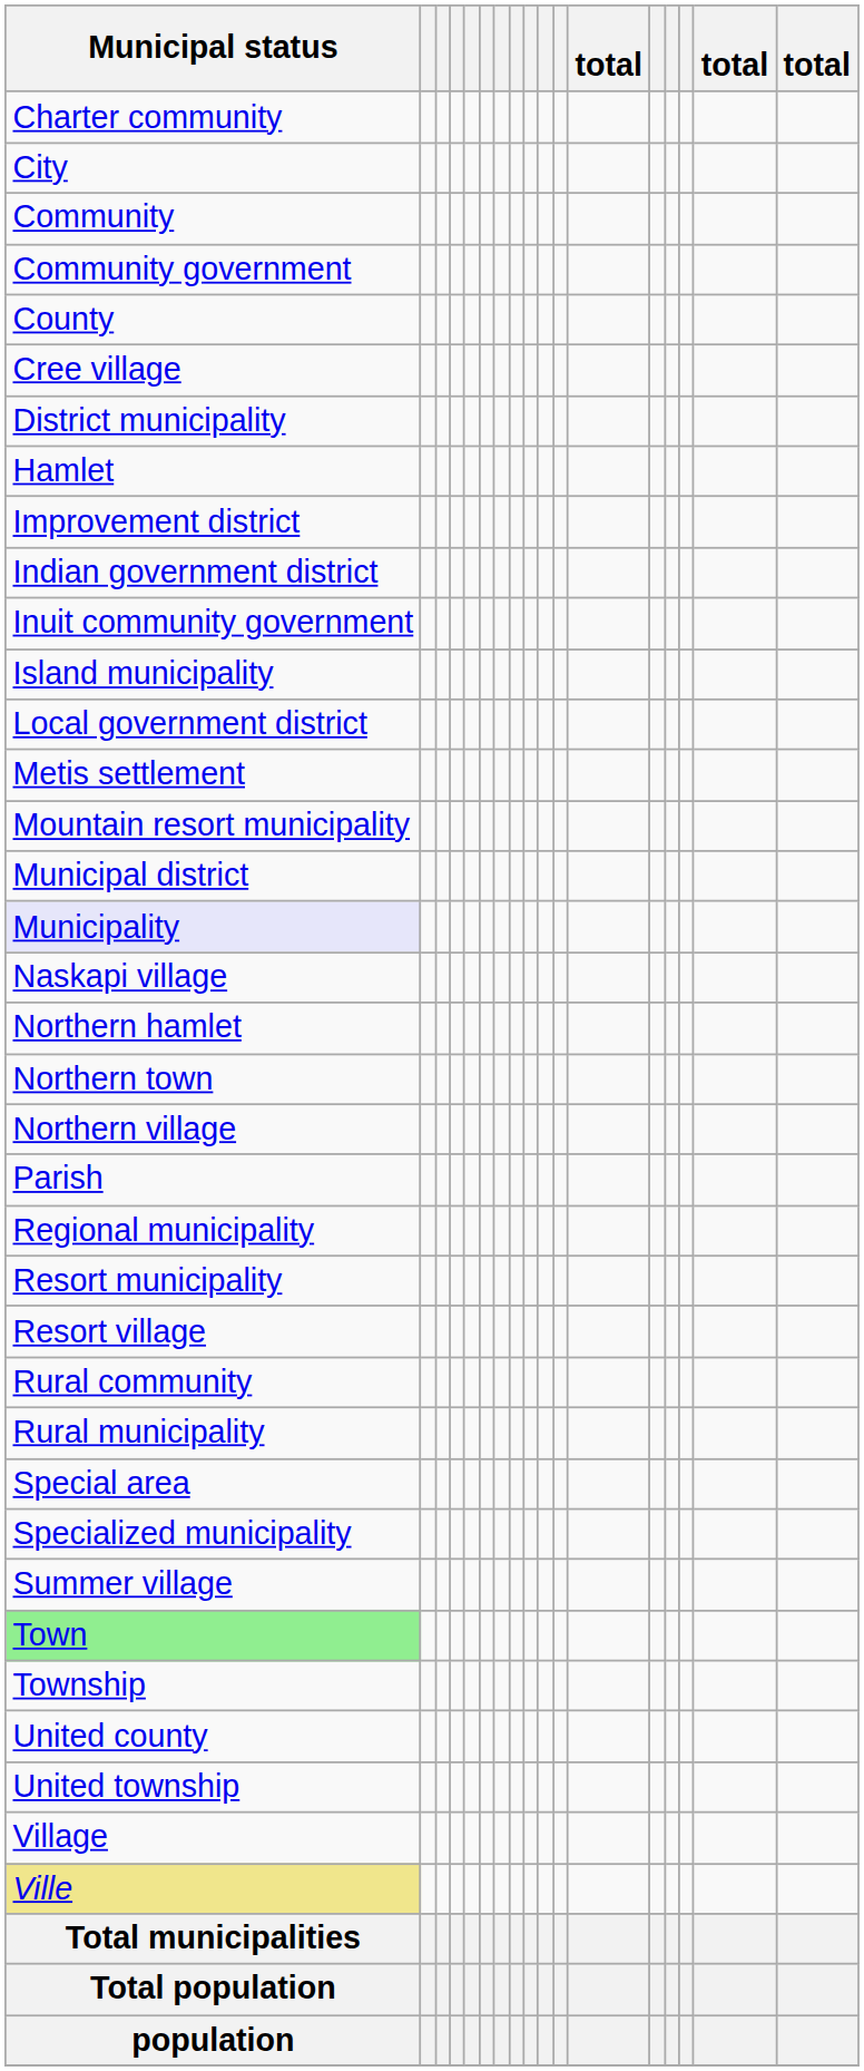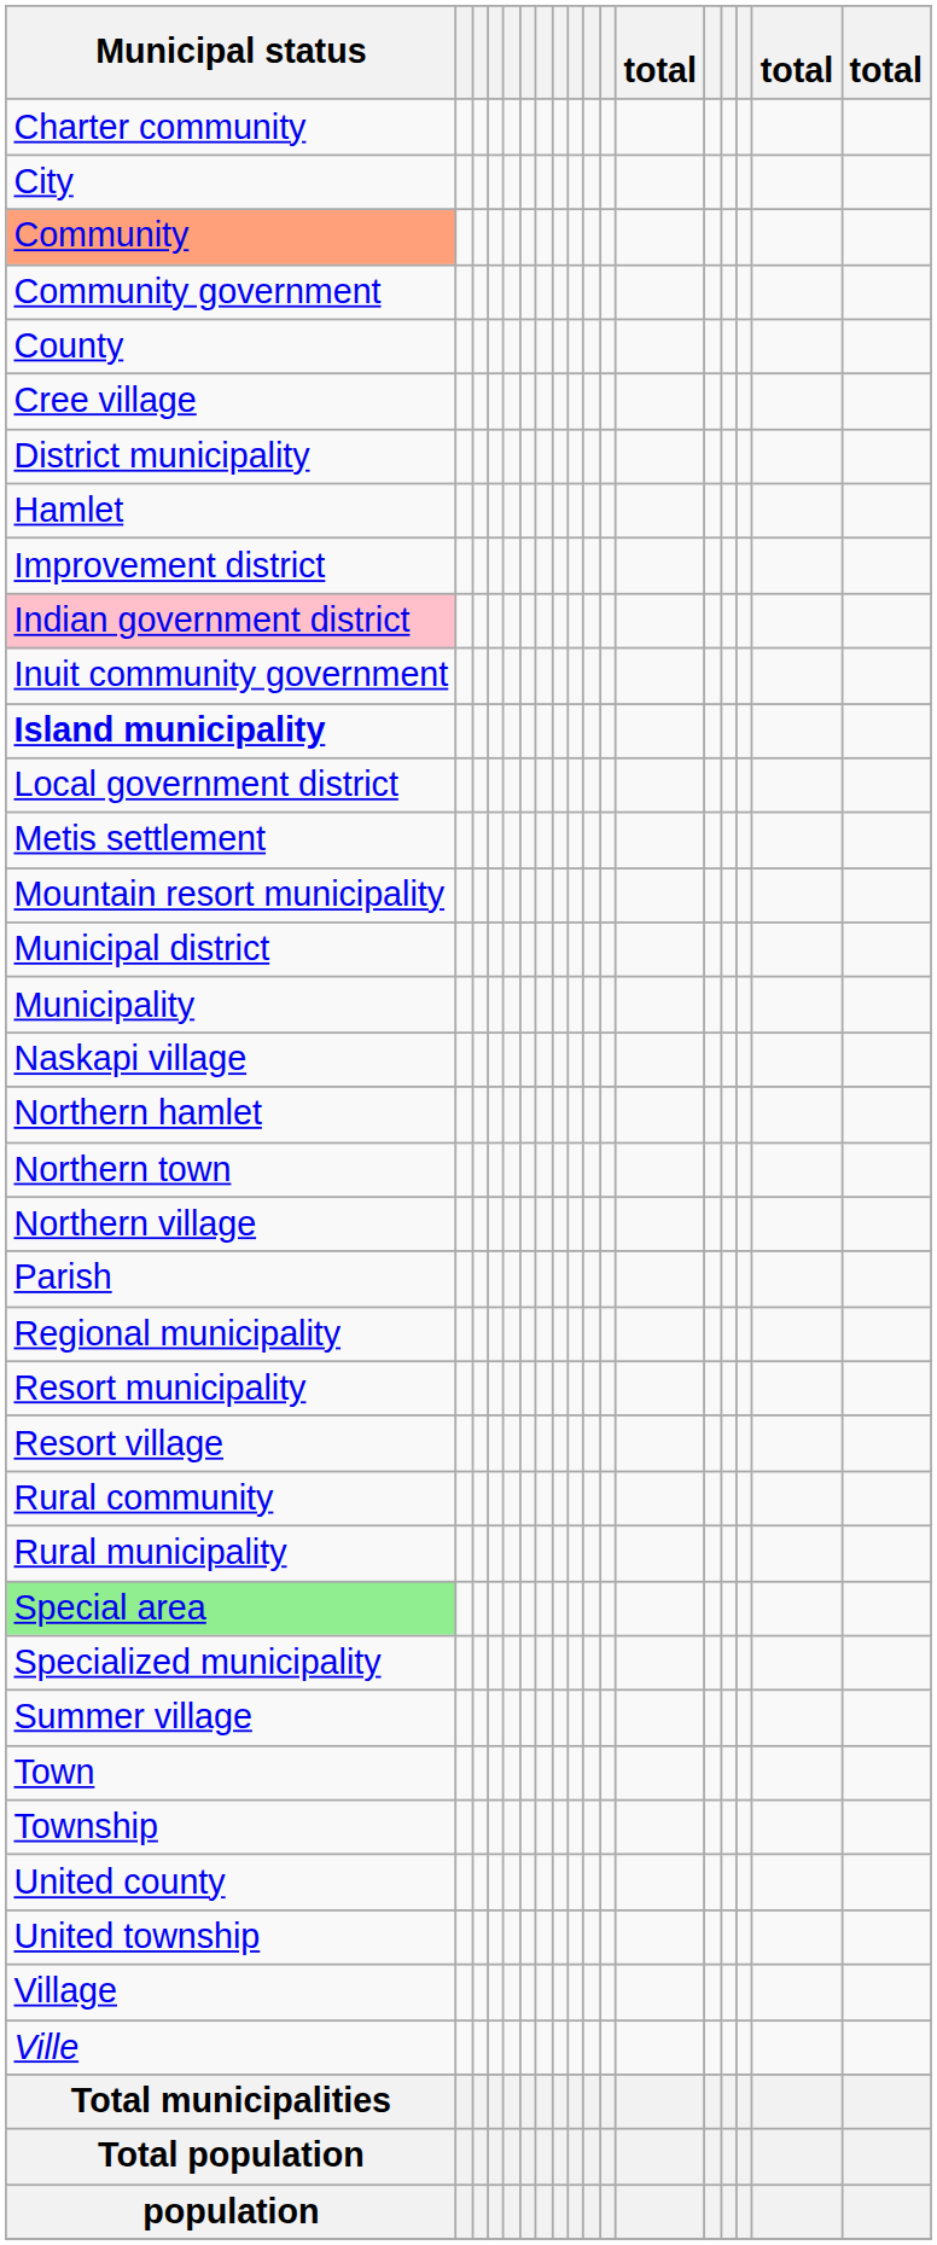 <table class="wikitable sortable">
 <tr>
 <th scope="col">Municipal status</th>
 <th scope="col"><br></th>
 <th scope="col"><br></th>
 <th scope="col"><br></th>
 <th scope="col"><br></th>
 <th scope="col"><br></th>
 <th scope="col"><br></th>
 <th scope="col"><br></th>
 <th scope="col"><br></th>
 <th scope="col"><br></th>
 <th scope="col"><br></th>
 <th scope="col"><br>total</th>
 <th scope="col"><br></th>
 <th scope="col"><br></th>
 <th scope="col"><br></th>
 <th scope="col"><br>total</th>
 <th scope="col"><br>total</th>
 </tr>
 <tr>
 <td scope="row"><a href='#'>Charter community</a></td>
 <td align=center></td>
 <td align=center></td>
 <td align=center></td>
 <td align=center></td>
 <td align=center></td>
 <td align=center></td>
 <td align=center></td>
 <td align=center></td>
 <td align=center></td>
 <td align=center></td>
 <td align=center></td>
 <td align=center><a href='#'></a></td>
 <td align=center></td>
 <td align=center></td>
 <td align=center><strong></strong></td>
 <td align=center><strong></strong></td>
 </tr>
 <tr>
 <td scope="row"><a href='#'>City</a></td>
 <td align=center><a href='#'></a></td>
 <td align=center><a href='#'></a></td>
 <td align=center><a href='#'></a></td>
 <td align=center><a href='#'></a></td>
 <td align=center><a href='#'></a></td>
 <td align=center></td>
 <td align=center><a href='#'></a></td>
 <td align=center><a href='#'></a></td>
 <td align=center></td>
 <td align=center><a href='#'></a></td>
 <td align=center><strong></strong></td>
 <td align=center><a href='#'></a></td>
 <td align=center><a href='#'></a></td>
 <td align=center><a href='#'></a></td>
 <td align=center><strong></strong></td>
 <td align=center><strong><a href='#'></a></strong></td>
 </tr>
 <tr>
-<td scope="row"><a href='#'>Community</a></td>
+<td scope="row" style="background: lightsalmon;"><a href='#'>Community</a></td>
 <td align=center></td>
 <td align=center></td>
 <td align=center></td>
 <td align=center></td>
 <td align=center></td>
 <td align=center></td>
 <td align=center></td>
 <td align=center><a href='#'></a></td>
 <td align=center></td>
 <td align=center></td>
 <td align=center><strong></strong></td>
 <td align=center></td>
 <td align=center></td>
 <td align=center></td>
 <td align=center></td>
 <td align=center><strong></strong></td>
 </tr>
 <tr>
 <td scope="row"><a href='#'>Community government</a></td>
 <td align=center></td>
 <td align=center></td>
 <td align=center></td>
 <td align=center></td>
 <td align=center></td>
 <td align=center></td>
 <td align=center></td>
 <td align=center></td>
 <td align=center></td>
 <td align=center></td>
 <td align=center></td>
 <td align=center><a href='#'></a></td>
 <td align=center></td>
 <td align=center></td>
 <td align=center><strong></strong></td>
 <td align=center><strong></strong></td>
 </tr>
 <tr>
 <td scope="row"><a href='#'>County</a></td>
 <td align=center></td>
 <td align=center></td>
 <td align=center></td>
 <td align=center></td>
 <td align=center></td>
 <td align=center><a href='#'></a></td>
 <td align=center><a href='#'></a></td>
 <td align=center></td>
 <td align=center></td>
 <td align=center></td>
 <td align=center><strong></strong></td>
 <td align=center></td>
 <td align=center></td>
 <td align=center></td>
 <td align=center></td>
 <td align=center><strong></strong></td>
 </tr>
 <tr>
 <td scope="row"><a href='#'>Cree village</a></td>
 <td align=center></td>
 <td align=center></td>
 <td align=center></td>
 <td align=center></td>
 <td align=center></td>
 <td align=center></td>
 <td align=center></td>
 <td align=center></td>
 <td align=center></td>
 <td align=center></td>
 <td align=center><strong></strong></td>
 <td align=center></td>
 <td align=center></td>
 <td align=center></td>
 <td align=center></td>
 <td align=center><strong></strong></td>
 </tr>
 <tr>
 <td scope="row"><a href='#'>District municipality</a></td>
 <td align=center></td>
 <td align=center><a href='#'></a></td>
 <td align=center></td>
 <td align=center></td>
 <td align=center></td>
 <td align=center></td>
 <td align=center></td>
 <td align=center></td>
 <td align=center></td>
 <td align=center></td>
 <td align=center><strong></strong></td>
 <td align=center></td>
 <td align=center></td>
 <td align=center></td>
 <td align=center></td>
 <td align=center><strong></strong></td>
 </tr>
 <tr>
 <td scope="row"><a href='#'>Hamlet</a></td>
 <td align=center></td>
 <td align=center></td>
 <td align=center></td>
 <td align=center></td>
 <td align=center></td>
 <td align=center></td>
 <td align=center></td>
 <td align=center></td>
 <td align=center></td>
 <td align=center></td>
 <td align=center></td>
 <td align=center><a href='#'></a></td>
 <td align=center><a href='#'></a></td>
 <td align=center></td>
 <td align=center><strong></strong></td>
 <td align=center><strong></strong></td>
 </tr>
 <tr>
 <td scope="row"><a href='#'>Improvement district</a></td>
 <td align=center><a href='#'></a></td>
 <td align=center></td>
 <td align=center></td>
 <td align=center></td>
 <td align=center></td>
 <td align=center></td>
 <td align=center></td>
 <td align=center></td>
 <td align=center></td>
 <td align=center></td>
 <td align=center><strong></strong></td>
 <td align=center></td>
 <td align=center></td>
 <td align=center></td>
 <td align=center></td>
 <td align=center><strong></strong></td>
 </tr>
 <tr>
-<td scope="row"><a href='#'>Indian government district</a></td>
+<td scope="row" style="background: pink;"><a href='#'>Indian government district</a></td>
 <td align=center></td>
 <td align=center><a href='#'></a></td>
 <td align=center></td>
 <td align=center></td>
 <td align=center></td>
 <td align=center></td>
 <td align=center></td>
 <td align=center></td>
 <td align=center></td>
 <td align=center></td>
 <td align=center><strong></strong></td>
 <td align=center></td>
 <td align=center></td>
 <td align=center></td>
 <td align=center></td>
 <td align=center><strong></strong></td>
 </tr>
 <tr>
 <td scope="row"><a href='#'>Inuit community government</a></td>
 <td align=center></td>
 <td align=center></td>
 <td align=center></td>
 <td align=center></td>
 <td align=center></td>
 <td align=center></td>
 <td align=center></td>
 <td align=center></td>
 <td align=center></td>
 <td align=center></td>
 <td align=center><strong></strong></td>
 <td align=center></td>
 <td align=center></td>
 <td align=center></td>
 <td align=center></td>
 <td align=center><strong></strong></td>
 </tr>
 <tr>
-<td scope="row"><a href='#'>Island municipality</a></td>
+<td scope="row"><strong><a href='#'>Island municipality</a></strong></td>
 <td align=center></td>
 <td align=center><a href='#'></a></td>
 <td align=center></td>
 <td align=center></td>
 <td align=center></td>
 <td align=center></td>
 <td align=center></td>
 <td align=center></td>
 <td align=center></td>
 <td align=center></td>
 <td align=center><strong></strong></td>
 <td align=center></td>
 <td align=center></td>
 <td align=center></td>
 <td align=center></td>
 <td align=center><strong></strong></td>
 </tr>
 <tr>
 <td scope="row"><a href='#'>Local government district</a></td>
 <td align=center></td>
 <td align=center></td>
 <td align=center><a href='#'></a></td>
 <td align=center></td>
 <td align=center></td>
 <td align=center></td>
 <td align=center></td>
 <td align=center></td>
 <td align=center></td>
 <td align=center></td>
 <td align=center><strong></strong></td>
 <td align=center></td>
 <td align=center></td>
 <td align=center></td>
 <td align=center></td>
 <td align=center><strong></strong></td>
 </tr>
 <tr>
 <td scope="row"><a href='#'>Metis settlement</a></td>
 <td align=center><a href='#'></a></td>
 <td align=center></td>
 <td align=center></td>
 <td align=center></td>
 <td align=center></td>
 <td align=center></td>
 <td align=center></td>
 <td align=center></td>
 <td align=center></td>
 <td align=center></td>
 <td align=center><strong></strong></td>
 <td align=center></td>
 <td align=center></td>
 <td align=center></td>
 <td align=center></td>
 <td align=center><strong></strong></td>
 </tr>
 <tr>
 <td scope="row"><a href='#'>Mountain resort municipality</a></td>
 <td align=center></td>
 <td align=center><a href='#'></a></td>
 <td align=center></td>
 <td align=center></td>
 <td align=center></td>
 <td align=center></td>
 <td align=center></td>
 <td align=center></td>
 <td align=center></td>
 <td align=center></td>
 <td align=center><strong></strong></td>
 <td align=center></td>
 <td align=center></td>
 <td align=center></td>
 <td align=center></td>
 <td align=center><strong></strong></td>
 </tr>
 <tr>
 <td scope="row"><a href='#'>Municipal district</a></td>
 <td align=center><a href='#'></a></td>
 <td align=center></td>
 <td align=center></td>
 <td align=center></td>
 <td align=center></td>
 <td align=center></td>
 <td align=center></td>
 <td align=center></td>
 <td align=center></td>
 <td align=center></td>
 <td align=center><strong></strong></td>
 <td align=center></td>
 <td align=center></td>
 <td align=center></td>
 <td align=center></td>
 <td align=center><strong></strong></td>
 </tr>
 <tr>
-<td scope="row" style="background: lavender;"><a href='#'>Municipality</a></td>
+<td scope="row"><a href='#'>Municipality</a></td>
 <td align=center></td>
 <td align=center></td>
 <td align=center></td>
 <td align=center></td>
 <td align=center></td>
 <td align=center></td>
 <td align=center></td>
 <td align=center></td>
 <td align=center></td>
 <td align=center></td>
 <td align=center><strong></strong></td>
 <td align=center></td>
 <td align=center></td>
 <td align=center></td>
 <td align=center></td>
 <td align=center><strong></strong></td>
 </tr>
 <tr>
 <td scope="row"><a href='#'>Naskapi village</a></td>
 <td align=center></td>
 <td align=center></td>
 <td align=center></td>
 <td align=center></td>
 <td align=center></td>
 <td align=center></td>
 <td align=center></td>
 <td align=center></td>
 <td align=center></td>
 <td align=center></td>
 <td align=center><strong></strong></td>
 <td align=center></td>
 <td align=center></td>
 <td align=center></td>
 <td align=center></td>
 <td align=center><strong></strong></td>
 </tr>
 <tr>
 <td scope="row"><a href='#'>Northern hamlet</a></td>
 <td align=center></td>
 <td align=center></td>
 <td align=center></td>
 <td align=center></td>
 <td align=center></td>
 <td align=center></td>
 <td align=center></td>
 <td align=center></td>
 <td align=center></td>
 <td align=center><a href='#'></a></td>
 <td align=center><strong></strong></td>
 <td align=center></td>
 <td align=center></td>
 <td align=center></td>
 <td align=center></td>
 <td align=center><strong></strong></td>
 </tr>
 <tr>
 <td scope="row"><a href='#'>Northern town</a></td>
 <td align=center></td>
 <td align=center></td>
 <td align=center></td>
 <td align=center></td>
 <td align=center></td>
 <td align=center></td>
 <td align=center></td>
 <td align=center></td>
 <td align=center></td>
 <td align=center><a href='#'></a></td>
 <td align=center><strong></strong></td>
 <td align=center></td>
 <td align=center></td>
 <td align=center></td>
 <td align=center></td>
 <td align=center><strong></strong></td>
 </tr>
 <tr>
 <td scope="row"><a href='#'>Northern village</a></td>
 <td align=center></td>
 <td align=center></td>
 <td align=center></td>
 <td align=center></td>
 <td align=center></td>
 <td align=center></td>
 <td align=center></td>
 <td align=center></td>
 <td align=center><a href='#'></a></td>
 <td align=center><a href='#'></a></td>
 <td align=center><strong></strong></td>
 <td align=center></td>
 <td align=center></td>
 <td align=center></td>
 <td align=center></td>
 <td align=center><strong></strong></td>
 </tr>
 <tr>
 <td scope="row"><a href='#'>Parish</a></td>
 <td align=center></td>
 <td align=center></td>
 <td align=center></td>
 <td align=center></td>
 <td align=center></td>
 <td align=center></td>
 <td align=center></td>
 <td align=center></td>
 <td align=center><a href='#'></a></td>
 <td align=center></td>
 <td align=center><strong></strong></td>
 <td align=center></td>
 <td align=center></td>
 <td align=center></td>
 <td align=center></td>
 <td align=center><strong></strong></td>
 </tr>
 <tr>
 <td scope="row"><a href='#'>Regional municipality</a></td>
 <td align=center></td>
 <td align=center></td>
 <td align=center></td>
 <td align=center><a href='#'></a></td>
 <td align=center></td>
 <td align=center><a href='#'></a></td>
 <td align=center><a href='#'></a></td>
 <td align=center></td>
 <td align=center></td>
 <td align=center></td>
 <td align=center><strong></strong></td>
 <td align=center></td>
 <td align=center></td>
 <td align=center></td>
 <td align=center></td>
 <td align=center><strong></strong></td>
 </tr>
 <tr>
 <td scope="row"><a href='#'>Resort municipality</a></td>
 <td align=center></td>
 <td align=center><a href='#'></a></td>
 <td align=center></td>
 <td align=center></td>
 <td align=center></td>
 <td align=center></td>
 <td align=center></td>
 <td align=center></td>
 <td align=center></td>
 <td align=center></td>
 <td align=center><strong></strong></td>
 <td align=center></td>
 <td align=center></td>
 <td align=center></td>
 <td align=center></td>
 <td align=center><strong></strong></td>
 </tr>
 <tr>
 <td scope="row"><a href='#'>Resort village</a></td>
 <td align=center></td>
 <td align=center></td>
 <td align=center></td>
 <td align=center></td>
 <td align=center></td>
 <td align=center></td>
 <td align=center></td>
 <td align=center></td>
 <td align=center></td>
 <td align=center><a href='#'></a></td>
 <td align=center><strong></strong></td>
 <td align=center></td>
 <td align=center></td>
 <td align=center></td>
 <td align=center></td>
 <td align=center><strong></strong></td>
 </tr>
 <tr>
 <td scope="row"><a href='#'>Rural community</a></td>
 <td align=center></td>
 <td align=center></td>
 <td align=center></td>
 <td align=center><a href='#'></a></td>
 <td align=center></td>
 <td align=center></td>
 <td align=center></td>
 <td align=center></td>
 <td align=center></td>
 <td align=center></td>
 <td align=center><strong></strong></td>
 <td align=center></td>
 <td align=center></td>
 <td align=center></td>
 <td align=center></td>
 <td align=center><strong></strong></td>
 </tr>
 <tr>
 <td scope="row"><a href='#'>Rural municipality</a></td>
 <td align=center></td>
 <td align=center></td>
 <td align=center><a href='#'></a></td>
 <td align=center></td>
 <td align=center></td>
 <td align=center></td>
 <td align=center></td>
 <td align=center></td>
 <td align=center></td>
 <td align=center><a href='#'></a></td>
 <td align=center><strong></strong></td>
 <td align=center></td>
 <td align=center></td>
 <td align=center></td>
 <td align=center></td>
 <td align=center><strong></strong></td>
 </tr>
 <tr>
-<td scope="row"><a href='#'>Special area</a></td>
+<td scope="row" style="background: lightgreen;"><a href='#'>Special area</a></td>
 <td align=center><a href='#'></a></td>
 <td align=center></td>
 <td align=center></td>
 <td align=center></td>
 <td align=center></td>
 <td align=center></td>
 <td align=center></td>
 <td align=center></td>
 <td align=center></td>
 <td align=center></td>
 <td align=center><strong></strong></td>
 <td align=center></td>
 <td align=center></td>
 <td align=center></td>
 <td align=center></td>
 <td align=center><strong></strong></td>
 </tr>
 <tr>
 <td scope="row"><a href='#'>Specialized municipality</a></td>
 <td align=center><a href='#'></a></td>
 <td align=center></td>
 <td align=center></td>
 <td align=center></td>
 <td align=center></td>
 <td align=center></td>
 <td align=center></td>
 <td align=center></td>
 <td align=center></td>
 <td align=center></td>
 <td align=center><strong></strong></td>
 <td align=center></td>
 <td align=center></td>
 <td align=center></td>
 <td align=center></td>
 <td align=center><strong></strong></td>
 </tr>
 <tr>
 <td scope="row"><a href='#'>Summer village</a></td>
 <td align=center><a href='#'></a></td>
 <td align=center></td>
 <td align=center></td>
 <td align=center></td>
 <td align=center></td>
 <td align=center></td>
 <td align=center></td>
 <td align=center></td>
 <td align=center></td>
 <td align=center></td>
 <td align=center><strong></strong></td>
 <td align=center></td>
 <td align=center></td>
 <td align=center></td>
 <td align=center></td>
 <td align=center><strong></strong></td>
 </tr>
 <tr>
-<td scope="row" style="background: lightgreen;"><a href='#'>Town</a></td>
+<td scope="row"><a href='#'>Town</a></td>
 <td align=center><a href='#'></a></td>
 <td align=center><a href='#'></a></td>
 <td align=center><a href='#'></a></td>
 <td align=center><a href='#'></a></td>
 <td align=center><a href='#'></a></td>
 <td align=center><a href='#'></a></td>
 <td align=center><a href='#'></a></td>
 <td align=center><a href='#'></a></td>
 <td align=center></td>
 <td align=center><a href='#'></a></td>
 <td align=center><strong></strong></td>
 <td align=center><a href='#'></a></td>
 <td align=center></td>
 <td align=center><a href='#'></a></td>
 <td align=center><strong></strong></td>
 <td align=center><strong><a href='#'></a></strong></td>
 </tr>
 <tr>
 <td scope="row"><a href='#'>Township</a></td>
 <td align=center></td>
 <td align=center></td>
 <td align=center></td>
 <td align=center></td>
 <td align=center></td>
 <td align=center></td>
 <td align=center><a href='#'></a></td>
 <td align=center></td>
 <td align=center><a href='#'></a></td>
 <td align=center></td>
 <td align=center><strong></strong></td>
 <td align=center></td>
 <td align=center></td>
 <td align=center></td>
 <td align=center></td>
 <td align=center><strong></strong></td>
 </tr>
 <tr>
 <td scope="row"><a href='#'>United county</a></td>
 <td align=center></td>
 <td align=center></td>
 <td align=center></td>
 <td align=center></td>
 <td align=center></td>
 <td align=center></td>
 <td align=center><a href='#'></a></td>
 <td align=center></td>
 <td align=center></td>
 <td align=center></td>
 <td align=center><strong></strong></td>
 <td align=center></td>
 <td align=center></td>
 <td align=center></td>
 <td align=center></td>
 <td align=center><strong></strong></td>
 </tr>
 <tr>
 <td scope="row"><a href='#'>United township</a></td>
 <td align=center></td>
 <td align=center></td>
 <td align=center></td>
 <td align=center></td>
 <td align=center></td>
 <td align=center></td>
 <td align=center><a href='#'></a></td>
 <td align=center></td>
 <td align=center><a href='#'></a></td>
 <td align=center></td>
 <td align=center><strong></strong></td>
 <td align=center></td>
 <td align=center></td>
 <td align=center></td>
 <td align=center></td>
 <td align=center><strong></strong></td>
 </tr>
 <tr>
 <td scope="row"><a href='#'>Village</a></td>
 <td align=center><a href='#'></a></td>
 <td align=center><a href='#'></a></td>
 <td align=center><a href='#'></a></td>
 <td align=center><a href='#'></a></td>
 <td align=center></td>
 <td align=center></td>
 <td align=center><a href='#'></a></td>
 <td align=center></td>
 <td align=center><a href='#'></a></td>
 <td align=center><a href='#'></a></td>
 <td align=center><strong></strong></td>
 <td align=center><a href='#'></a></td>
 <td align=center></td>
 <td align=center><a href='#'></a></td>
 <td align=center><strong></strong></td>
 <td align=center><strong><a href='#'></a></strong></td>
 </tr>
 <tr>
-<td scope="row" style="background: khaki;"><em><a href='#'>Ville</a></em></td>
+<td scope="row"><em><a href='#'>Ville</a></em></td>
 <td align=center></td>
 <td align=center></td>
 <td align=center></td>
 <td align=center></td>
 <td align=center></td>
 <td align=center></td>
 <td align=center></td>
 <td align=center></td>
 <td align=center><a href='#'></a></td>
 <td align=center></td>
 <td align=center><strong></strong></td>
 <td align=center></td>
 <td align=center></td>
 <td align=center></td>
 <td align=center></td>
 <td align=center><strong></strong></td>
 </tr>
 <tr class="sortbottom" align="center">
 <th scope="col" align="center">Total municipalities</th>
 <th scope="col" align="center"><a href='#'></a></th>
 <th scope="col" align="center"><a href='#'></a></th>
 <th scope="col" align="center"><a href='#'></a></th>
 <th scope="col" align="center"><a href='#'></a></th>
 <th scope="col" align="center"><a href='#'></a></th>
 <th scope="col" align="center"><a href='#'></a></th>
 <th scope="col" align="center"><a href='#'></a></th>
 <th scope="col" align="center"><a href='#'></a></th>
 <th scope="col" align="center"><a href='#'></a></th>
 <th scope="col" align="center"><a href='#'></a></th>
 <th scope="col" align="center"></th>
 <th scope="col" align="center"><a href='#'></a></th>
 <th scope="col" align="center"><a href='#'></a></th>
 <th scope="col" align="center"><a href='#'></a></th>
 <th scope="col" align="center"></th>
 <th scope="col" align="center"></th>
 </tr>
 <tr class="sortbottom" align="center">
 <th scope="col" align="center">Total population</th>
 <th scope="col" align="center"></th>
 <th scope="col" align="center"></th>
 <th scope="col" align="center"></th>
 <th scope="col" align="center"></th>
 <th scope="col" align="center"></th>
 <th scope="col" align="center"></th>
 <th scope="col" align="center"></th>
 <th scope="col" align="center"></th>
 <th scope="col" align="center"></th>
 <th scope="col" align="center"></th>
 <th scope="col" align="center"></th>
 <th scope="col" align="center"></th>
 <th scope="col" align="center"></th>
 <th scope="col" align="center"></th>
 <th scope="col" align="center"></th>
 <th scope="col" align="center"></th>
 </tr>
 <tr class="sortbottom" align="center">
 <th scope="col" align="center"> population</th>
 <th scope="col" align="center"></th>
 <th scope="col" align="center"></th>
 <th scope="col" align="center"></th>
 <th scope="col" align="center"></th>
 <th scope="col" align="center"></th>
 <th scope="col" align="center"></th>
 <th scope="col" align="center"></th>
 <th scope="col" align="center"></th>
 <th scope="col" align="center"></th>
 <th scope="col" align="center"></th>
 <th scope="col" align="center"></th>
 <th scope="col" align="center"></th>
 <th scope="col" align="center"></th>
 <th scope="col" align="center"></th>
 <th scope="col" align="center"></th>
 <th scope="col" align="center"></th>
 </tr>
 <tr>
 </tr>
 </table>
